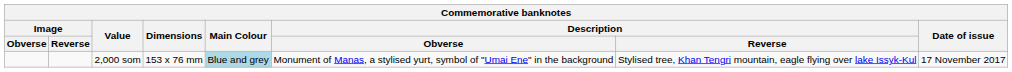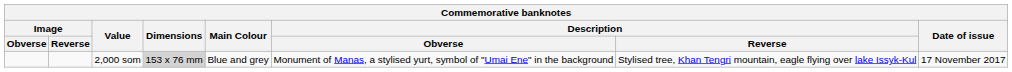 <table class="wikitable" style="font-size:90%">
 <tr>
 <th colspan="8">Commemorative banknotes</th>
 </tr>
 <tr>
 <th colspan="2">Image</th>
 <th rowspan="2">Value</th>
 <th rowspan="2">Dimensions</th>
 <th rowspan="2">Main Colour</th>
 <th colspan="2">Description</th>
 <th rowspan="2">Date of issue</th>
 </tr>
 <tr>
 <th>Obverse</th>
 <th>Reverse</th>
 <th>Obverse</th>
 <th>Reverse</th>
 </tr>
 <tr>
 <td></td>
 <td></td>
 <td>2,000 som</td>
-<td>153 x 76 mm</td>
-<td style="background: lightblue;">Blue and grey</td>
+<td style="background: lightgrey;">153 x 76 mm</td>
+<td>Blue and grey</td>
 <td>Monument of <a href='#'>Manas</a>, a stylised yurt,  symbol of "<a href='#'>Umai Ene</a>" in the background</td>
 <td>Stylised tree, <a href='#'>Khan Tengri</a> mountain, eagle flying over <a href='#'>lake Issyk-Kul</a></td>
 <td>17 November 2017</td>
 </tr>
 </table>
